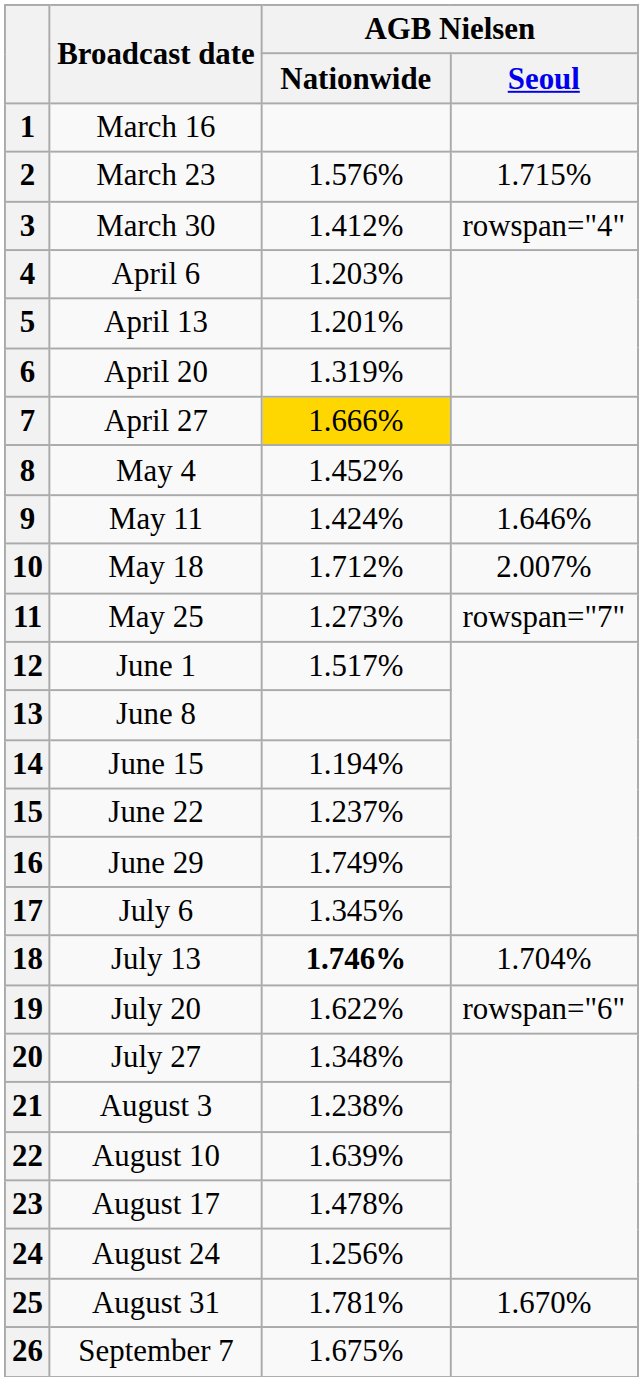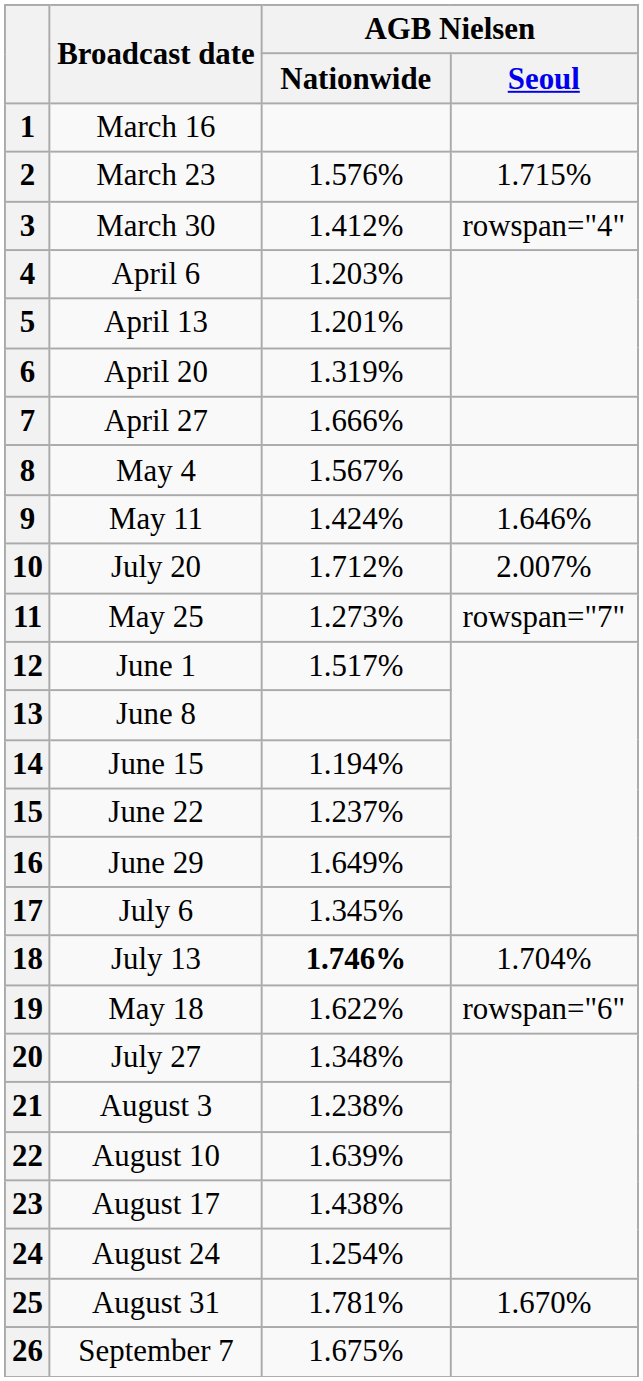 <table class="wikitable" style="text-align:center">
 <tr>
 <th rowspan=2></th>
 <th rowspan=2>Broadcast date</th>
 <th colspan=2>AGB Nielsen</th>
 </tr>
 <tr>
 <th width="90">Nationwide</th>
 <th width="90"><a href='#'>Seoul</a></th>
 </tr>
 <tr>
 <th>1</th>
 <td>March 16</td>
 <td></td>
 <td></td>
 </tr>
 <tr>
 <th>2</th>
 <td>March 23</td>
 <td>1.576%</td>
 <td>1.715%</td>
 </tr>
 <tr>
 <th>3</th>
 <td>March 30</td>
 <td>1.412%</td>
 <td>rowspan="4" </td>
 </tr>
 <tr>
 <th>4</th>
 <td>April 6</td>
 <td>1.203%</td>
 </tr>
 <tr>
 <th>5</th>
 <td>April 13</td>
 <td>1.201%</td>
 </tr>
 <tr>
 <th>6</th>
 <td>April 20</td>
 <td>1.319%</td>
 </tr>
 <tr>
 <th>7</th>
 <td>April 27</td>
-<td style="background: gold;">1.666%</td>
+<td>1.666%</td>
 <td></td>
 </tr>
 <tr>
 <th>8</th>
 <td>May 4</td>
-<td>1.452%</td>
+<td>1.567%</td>
 <td></td>
 </tr>
 <tr>
 <th>9</th>
 <td>May 11</td>
 <td>1.424%</td>
 <td>1.646%</td>
 </tr>
 <tr>
 <th>10</th>
-<td>May 18</td>
+<td>July 20</td>
 <td>1.712%</td>
 <td>2.007%</td>
 </tr>
 <tr>
 <th>11</th>
 <td>May 25</td>
 <td>1.273%</td>
 <td>rowspan="7" </td>
 </tr>
 <tr>
 <th>12</th>
 <td>June 1</td>
 <td>1.517%</td>
 </tr>
 <tr>
 <th>13</th>
 <td>June 8</td>
 <td></td>
 </tr>
 <tr>
 <th>14</th>
 <td>June 15</td>
 <td>1.194%</td>
 </tr>
 <tr>
 <th>15</th>
 <td>June 22</td>
 <td>1.237%</td>
 </tr>
 <tr>
 <th>16</th>
 <td>June 29</td>
-<td>1.749%</td>
+<td>1.649%</td>
 </tr>
 <tr>
 <th>17</th>
 <td>July 6</td>
 <td>1.345%</td>
 </tr>
 <tr>
 <th>18</th>
 <td>July 13</td>
 <td><strong>1.746%</strong></td>
 <td>1.704%</td>
 </tr>
 <tr>
 <th>19</th>
-<td>July 20</td>
+<td>May 18</td>
 <td>1.622%</td>
 <td>rowspan="6" </td>
 </tr>
 <tr>
 <th>20</th>
 <td>July 27</td>
 <td>1.348%</td>
 </tr>
 <tr>
 <th>21</th>
 <td>August 3</td>
 <td>1.238%</td>
 </tr>
 <tr>
 <th>22</th>
 <td>August 10</td>
 <td>1.639%</td>
 </tr>
 <tr>
 <th>23</th>
 <td>August 17</td>
-<td>1.478%</td>
+<td>1.438%</td>
 </tr>
 <tr>
 <th>24</th>
 <td>August 24</td>
-<td>1.256%</td>
+<td>1.254%</td>
 </tr>
 <tr>
 <th>25</th>
 <td>August 31</td>
 <td>1.781%</td>
 <td>1.670%</td>
 </tr>
 <tr>
 <th>26</th>
 <td>September 7</td>
 <td>1.675%</td>
 <td></td>
 </tr>
 <tr>
 </tr>
 </table>
